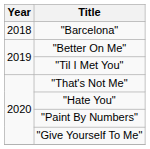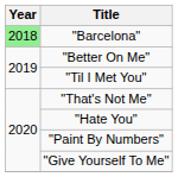 <table class="wikitable plainrowheaders" style="text-align:center;">
 <tr>
 <th scope="col">Year</th>
 <th scope="col">Title</th>
 </tr>
 <tr>
-<td>2018</td>
+<td style="background: lightgreen;">2018</td>
 <td>"Barcelona"</td>
 </tr>
 <tr>
 <td rowspan=2>2019</td>
 <td>"Better On Me"</td>
 </tr>
 <tr>
 <td>"Til I Met You"</td>
 </tr>
 <tr>
 <td rowspan=4>2020</td>
 <td>"That's Not Me"</td>
 </tr>
 <tr>
 <td>"Hate You"</td>
 </tr>
 <tr>
 <td>"Paint By Numbers"</td>
 </tr>
 <tr>
 <td>"Give Yourself To Me"</td>
 </tr>
 <tr>
 </tr>
 </table>
